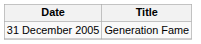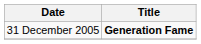 <table class="wikitable" style="text-align:center;">
 <tr>
 <th>Date</th>
 <th>Title</th>
 </tr>
 <tr>
 <td>31 December 2005</td>
-<td>Generation Fame</td>
+<td><strong>Generation Fame</strong></td>
 </tr>
 <tr>
 </tr>
 </table>
